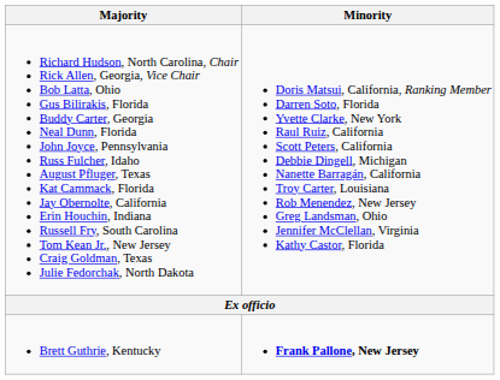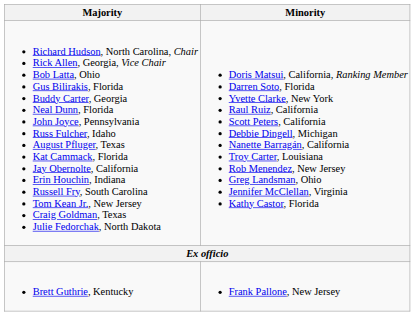 <table class=wikitable>
 <tr>
 <th>Majority</th>
 <th>Minority</th>
 </tr>
 <tr>
 <td><br><ul><li><a href='#'>Richard Hudson</a>, North Carolina, <em>Chair</em></li><li><a href='#'>Rick Allen</a>, Georgia, <em>Vice Chair</em></li><li><a href='#'>Bob Latta</a>, Ohio</li><li><a href='#'>Gus Bilirakis</a>, Florida</li><li><a href='#'>Buddy Carter</a>, Georgia</li><li><a href='#'>Neal Dunn</a>, Florida</li><li><a href='#'>John Joyce</a>, Pennsylvania</li><li><a href='#'>Russ Fulcher</a>, Idaho</li><li><a href='#'>August Pfluger</a>, Texas</li><li><a href='#'>Kat Cammack</a>, Florida</li><li><a href='#'>Jay Obernolte</a>, California</li><li><a href='#'>Erin Houchin</a>, Indiana</li><li><a href='#'>Russell Fry</a>, South Carolina</li><li><a href='#'>Tom Kean Jr.</a>, New Jersey</li><li><a href='#'>Craig Goldman</a>, Texas</li><li><a href='#'>Julie Fedorchak</a>, North Dakota</li></ul></td>
 <td><br><ul><li><a href='#'>Doris Matsui</a>, California, <em>Ranking Member</em></li><li><a href='#'>Darren Soto</a>, Florida</li><li><a href='#'>Yvette Clarke</a>, New York</li><li><a href='#'>Raul Ruiz</a>, California</li><li><a href='#'>Scott Peters</a>, California</li><li><a href='#'>Debbie Dingell</a>, Michigan</li><li><a href='#'>Nanette Barragán</a>, California</li><li><a href='#'>Troy Carter</a>, Louisiana</li><li><a href='#'>Rob Menendez</a>, New Jersey</li><li><a href='#'>Greg Landsman</a>, Ohio</li><li><a href='#'>Jennifer McClellan</a>, Virginia</li><li><a href='#'>Kathy Castor</a>, Florida</li></ul></td>
 </tr>
 <tr>
 <th colspan=2><em>Ex officio</em></th>
 </tr>
 <tr>
 <td><br><ul><li><a href='#'>Brett Guthrie</a>, Kentucky</li></ul></td>
-<td><strong><br><ul><li><a href='#'>Frank Pallone</a>, New Jersey</li></ul></strong></td>
+<td><br><ul><li><a href='#'>Frank Pallone</a>, New Jersey</li></ul></td>
 </tr>
 </table>
